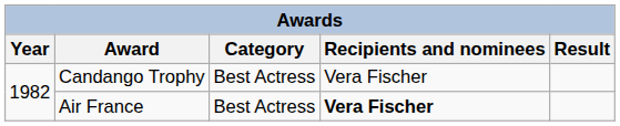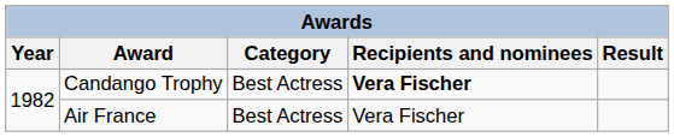 <table class="wikitable" style="font-size:90%;">
 <tr>
 <th colspan="5" style="background:LightSteelBlue;">Awards</th>
 </tr>
 <tr>
 <th>Year</th>
 <th>Award</th>
 <th>Category</th>
 <th>Recipients and nominees</th>
 <th>Result</th>
 </tr>
 <tr>
 <td rowspan="2">1982</td>
 <td>Candango Trophy</td>
 <td>Best Actress</td>
-<td>Vera Fischer</td>
+<td><strong>Vera Fischer</strong></td>
 <td></td>
 </tr>
 <tr>
 <td>Air France</td>
 <td>Best Actress</td>
-<td><strong>Vera Fischer</strong></td>
+<td>Vera Fischer</td>
 <td></td>
 </tr>
 </table>
